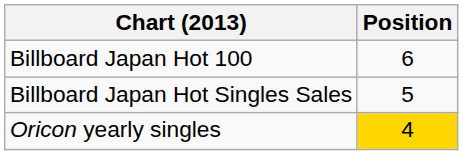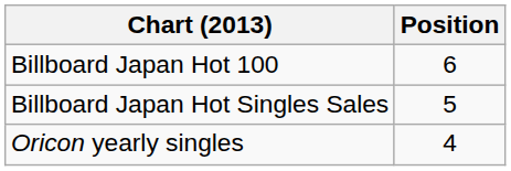 <table class="wikitable sortable">
 <tr>
 <th>Chart (2013)</th>
 <th>Position</th>
 </tr>
 <tr>
 <td>Billboard Japan Hot 100</td>
 <td align=center>6</td>
 </tr>
 <tr>
 <td>Billboard Japan Hot Singles Sales</td>
 <td align=center>5</td>
 </tr>
 <tr>
 <td><em>Oricon</em> yearly singles</td>
-<td align="center" style="background: gold;">4</td>
+<td align="center">4</td>
 </tr>
 </table>
